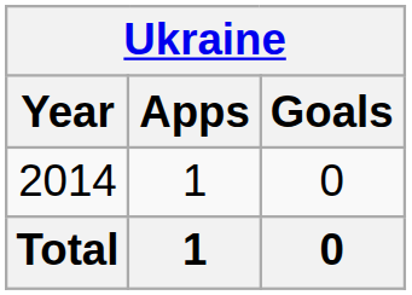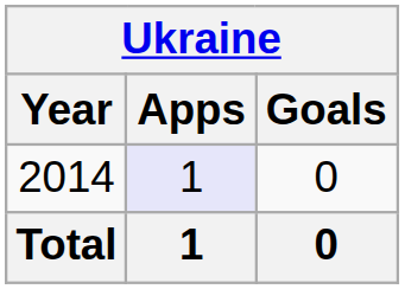 <table class="wikitable" style="text-align:center">
 <tr>
 <th colspan=3><a href='#'>Ukraine</a></th>
 </tr>
 <tr>
 <th>Year</th>
 <th>Apps</th>
 <th>Goals</th>
 </tr>
 <tr>
 <td>2014</td>
-<td>1</td>
+<td style="background: lavender;">1</td>
 <td>0</td>
 </tr>
 <tr>
 <th>Total</th>
 <th>1</th>
 <th>0</th>
 </tr>
 </table>
